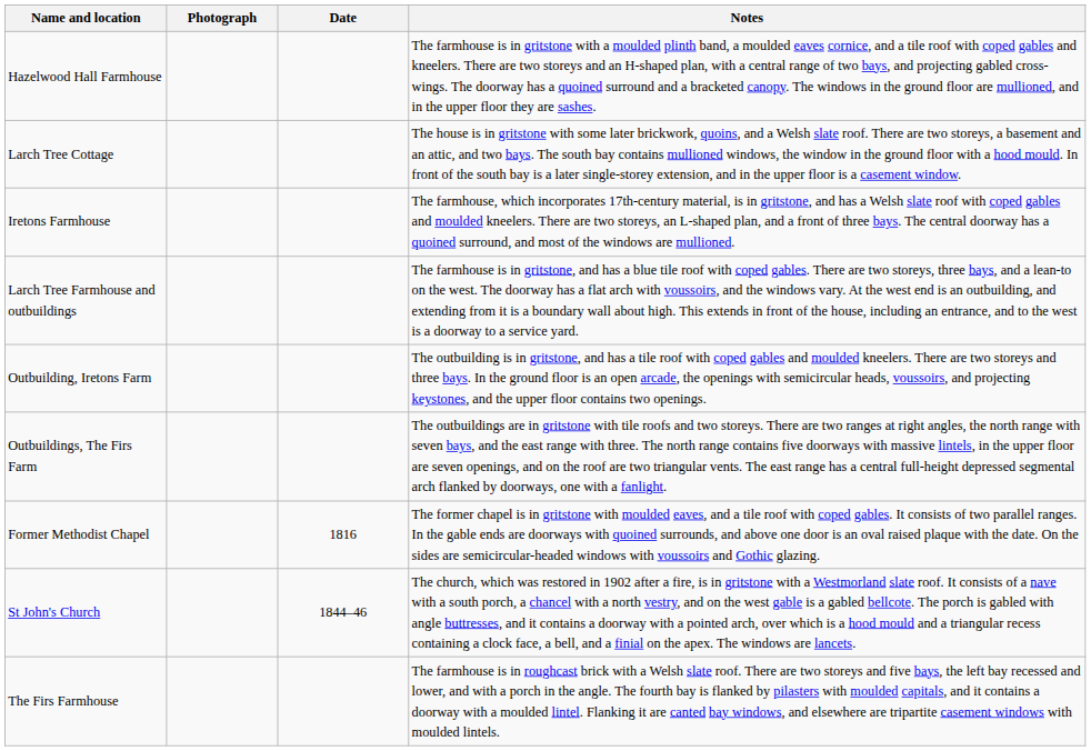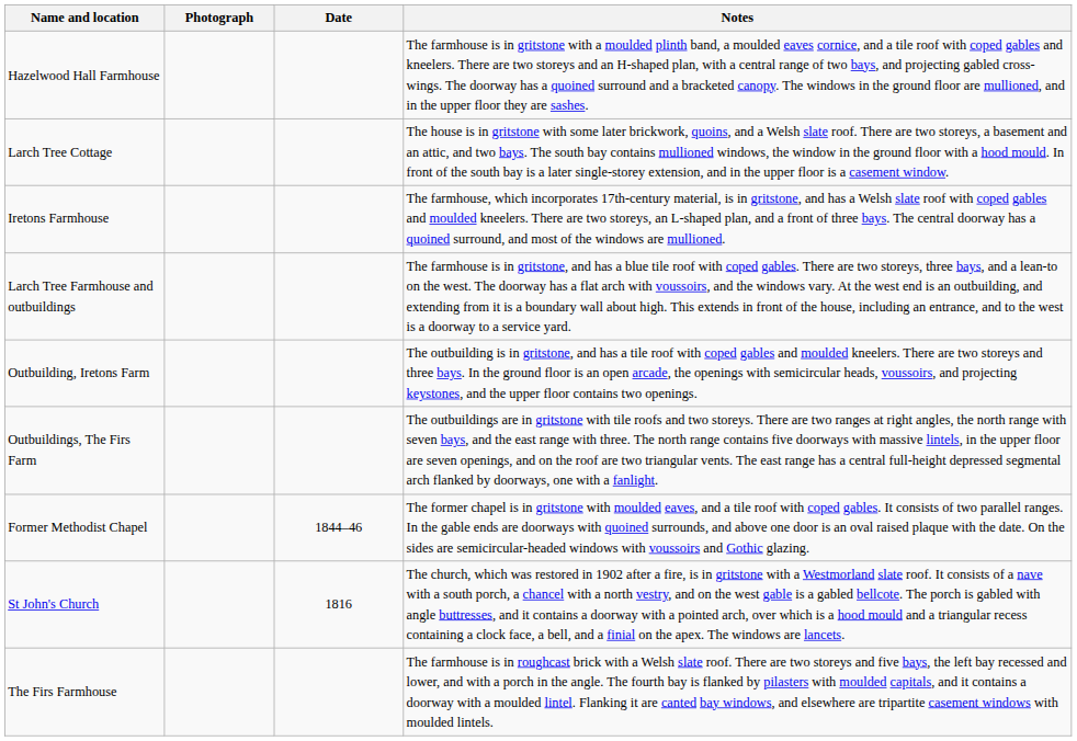 <table class="wikitable sortable plainrowheaders" style="width:100%;border:0px;text-align:left;line-height:150%;">
 <tr>
 <th scope="col"  style="width:150px">Name and location</th>
 <th scope="col"  style="width:100px" class="unsortable">Photograph</th>
 <th scope="col"  style="width:120px">Date</th>
 <th scope="col"  style="width:650px" class="unsortable">Notes</th>
 </tr>
 <tr>
 <td>Hazelwood Hall Farmhouse<br><small></small></td>
 <td></td>
 <td align="center"></td>
 <td>The farmhouse is in <a href='#'>gritstone</a> with a <a href='#'>moulded</a> <a href='#'>plinth</a> band, a moulded <a href='#'>eaves</a> <a href='#'>cornice</a>, and a tile roof with <a href='#'>coped</a> <a href='#'>gables</a> and kneelers.  There are two storeys and an H-shaped plan, with a central range of two <a href='#'>bays</a>, and projecting gabled cross-wings.  The doorway has a <a href='#'>quoined</a> surround and a bracketed <a href='#'>canopy</a>.  The windows in the ground floor are <a href='#'>mullioned</a>, and in the upper floor they are <a href='#'>sashes</a>.</td>
 </tr>
 <tr>
 <td>Larch Tree Cottage<br><small></small></td>
 <td></td>
 <td align="center"></td>
 <td>The house is in <a href='#'>gritstone</a> with some later brickwork, <a href='#'>quoins</a>, and a Welsh <a href='#'>slate</a> roof.  There are two storeys, a basement and an attic, and two <a href='#'>bays</a>.  The south bay contains <a href='#'>mullioned</a> windows, the window in the ground floor with a <a href='#'>hood mould</a>.  In front of the south bay is a later single-storey extension, and in the upper floor is a <a href='#'>casement window</a>.</td>
 </tr>
 <tr>
 <td>Iretons Farmhouse<br><small></small></td>
 <td></td>
 <td align="center"></td>
 <td>The farmhouse, which incorporates 17th-century material, is in <a href='#'>gritstone</a>, and has a Welsh <a href='#'>slate</a> roof with <a href='#'>coped</a> <a href='#'>gables</a> and <a href='#'>moulded</a> kneelers.  There are two storeys, an L-shaped plan, and a front of three <a href='#'>bays</a>.  The central doorway has a <a href='#'>quoined</a> surround, and most of the windows are <a href='#'>mullioned</a>.</td>
 </tr>
 <tr>
 <td>Larch Tree Farmhouse and outbuildings<br><small></small></td>
 <td></td>
 <td align="center"></td>
 <td>The farmhouse is in <a href='#'>gritstone</a>, and has a blue tile roof with <a href='#'>coped</a> <a href='#'>gables</a>.  There are two storeys, three <a href='#'>bays</a>, and a lean-to on the west.  The doorway has a flat arch with <a href='#'>voussoirs</a>, and the windows vary.  At the west end is an outbuilding, and extending from it is a boundary wall about  high.  This extends in front of the house, including an entrance, and to the west is a doorway to a service yard.</td>
 </tr>
 <tr>
 <td>Outbuilding, Iretons Farm<br><small></small></td>
 <td></td>
 <td align="center"></td>
 <td>The outbuilding is in <a href='#'>gritstone</a>, and has a tile roof with <a href='#'>coped</a> <a href='#'>gables</a> and <a href='#'>moulded</a> kneelers.  There are two storeys and three <a href='#'>bays</a>.  In the ground floor is an open <a href='#'>arcade</a>, the openings with semicircular heads, <a href='#'>voussoirs</a>, and projecting <a href='#'>keystones</a>, and the upper floor contains two openings.</td>
 </tr>
 <tr>
 <td>Outbuildings, The Firs Farm<br><small></small></td>
 <td></td>
 <td align="center"></td>
 <td>The outbuildings are in <a href='#'>gritstone</a> with tile roofs and two storeys.  There are two ranges at right angles, the north range with seven <a href='#'>bays</a>, and the east range with three. The north range contains five doorways with massive <a href='#'>lintels</a>, in the upper floor are seven openings, and on the roof are two triangular vents. The east range has a central full-height depressed segmental arch flanked by doorways, one with a <a href='#'>fanlight</a>.</td>
 </tr>
 <tr>
 <td>Former Methodist Chapel<br><small></small></td>
 <td></td>
-<td align="center">1816</td>
+<td align="center">1844–46</td>
 <td>The former chapel is in <a href='#'>gritstone</a> with <a href='#'>moulded</a> <a href='#'>eaves</a>, and a tile roof with <a href='#'>coped</a> <a href='#'>gables</a>.  It consists of two parallel ranges.  In the gable ends are doorways with <a href='#'>quoined</a> surrounds, and above one door is an oval raised plaque with the date.  On the sides are semicircular-headed windows with <a href='#'>voussoirs</a> and <a href='#'>Gothic</a> glazing.</td>
 </tr>
 <tr>
 <td><a href='#'>St John's Church</a><br><small></small></td>
 <td></td>
-<td align="center">1844–46</td>
+<td align="center">1816</td>
 <td>The church, which was restored in 1902 after a fire, is in <a href='#'>gritstone</a> with a <a href='#'>Westmorland</a> <a href='#'>slate</a> roof.  It consists of a <a href='#'>nave</a> with a south porch, a <a href='#'>chancel</a> with a north <a href='#'>vestry</a>, and on the west <a href='#'>gable</a> is a gabled <a href='#'>bellcote</a>.  The porch is gabled with angle <a href='#'>buttresses</a>, and it contains a doorway with a pointed arch, over which is a <a href='#'>hood mould</a> and a triangular recess containing a clock face, a bell, and a <a href='#'>finial</a> on the apex.  The windows are <a href='#'>lancets</a>.</td>
 </tr>
 <tr>
 <td>The Firs Farmhouse<br><small></small></td>
 <td></td>
 <td align="center"></td>
 <td>The farmhouse is in <a href='#'>roughcast</a> brick with a Welsh <a href='#'>slate</a> roof.  There are two storeys and five <a href='#'>bays</a>, the left bay recessed and lower, and with a porch in the angle.  The fourth bay is flanked by <a href='#'>pilasters</a> with <a href='#'>moulded</a> <a href='#'>capitals</a>, and it contains a doorway with a moulded <a href='#'>lintel</a>.  Flanking it are <a href='#'>canted</a> <a href='#'>bay windows</a>, and elsewhere are tripartite <a href='#'>casement windows</a> with moulded lintels.</td>
 </tr>
 <tr>
 </tr>
 </table>
